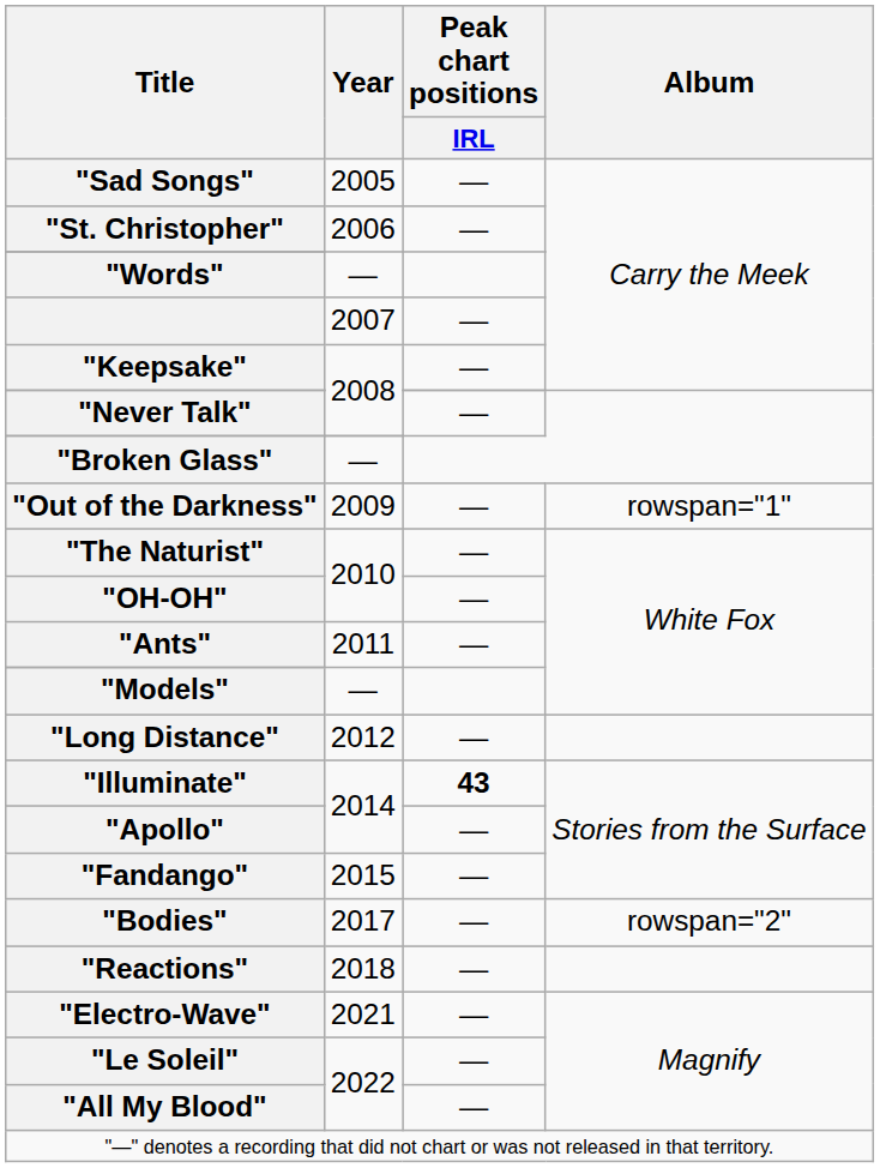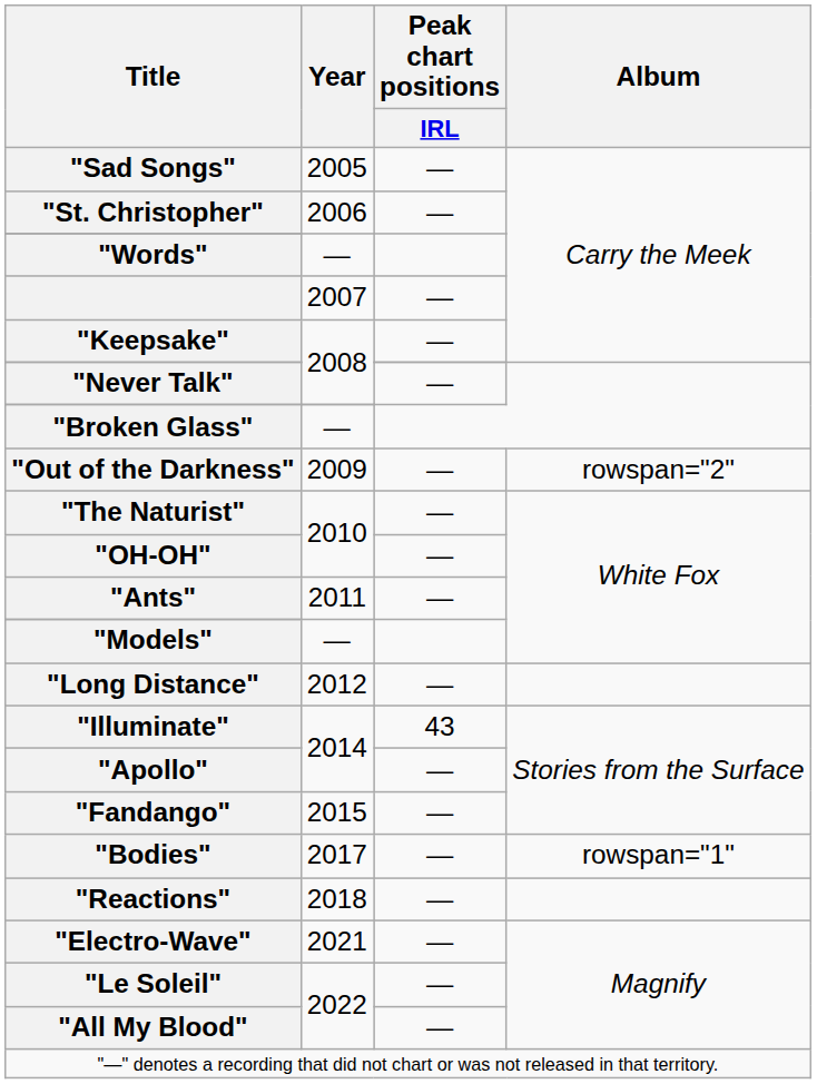 <table class="wikitable plainrowheaders" style="text-align:center;">
 <tr>
 <th scope="col" rowspan="2">Title</th>
 <th scope="col" rowspan="2">Year</th>
 <th scope="col" colspan="1">Peak chart positions</th>
 <th scope="col" rowspan="2">Album</th>
 </tr>
 <tr>
 <th scope="col" style="width:3em;font-size:90%;"><a href='#'>IRL</a><br></th>
 </tr>
 <tr>
 <th scope="row">"Sad Songs"</th>
 <td rowspan="1">2005</td>
 <td>—</td>
 <td rowspan="7"><em>Carry the Meek</em></td>
 </tr>
 <tr>
 <th scope="row">"St. Christopher"</th>
 <td rowspan="2">2006</td>
 <td>—</td>
 </tr>
 <tr>
 </tr>
 <tr>
 <th scope="row">"Words"</th>
 <td>—</td>
 </tr>
 <tr>
 <th scope="row"></th>
 <td rowspan="1">2007</td>
 <td>—</td>
 </tr>
 <tr>
 <th scope="row">"Keepsake"</th>
 <td rowspan="3">2008</td>
 <td>—</td>
 </tr>
 <tr>
 </tr>
 <tr>
 <th scope="row">"Never Talk"</th>
 <td>—</td>
 </tr>
 <tr>
 </tr>
 <tr>
 <th scope="row">"Broken Glass"</th>
 <td>—</td>
 </tr>
 <tr>
 <th scope="row">"Out of the Darkness"</th>
 <td rowspan="1">2009</td>
 <td>—</td>
-<td>rowspan="1" </td>
+<td>rowspan="2" </td>
 </tr>
 <tr>
 <th scope="row">"The Naturist"</th>
 <td rowspan="2">2010</td>
 <td>—</td>
 <td rowspan="5"><em>White Fox</em></td>
 </tr>
 <tr>
 <th scope="row">"OH-OH"</th>
 <td>—</td>
 </tr>
 <tr>
 <th scope="row">"Ants"</th>
 <td rowspan="2">2011</td>
 <td>—</td>
 </tr>
 <tr>
 </tr>
 <tr>
 <th scope="row">"Models"</th>
 <td>—</td>
 </tr>
 <tr>
 <th scope="row">"Long Distance"</th>
 <td rowspan="1">2012</td>
 <td>—</td>
 </tr>
 <tr>
 <th scope="row">"Illuminate"</th>
 <td rowspan="2">2014</td>
-<td><strong>43</strong></td>
+<td>43</td>
 <td rowspan="3"><em>Stories from the Surface</em></td>
 </tr>
 <tr>
 <th scope="row">"Apollo"</th>
 <td>—</td>
 </tr>
 <tr>
 <th scope="row">"Fandango"</th>
 <td rowspan="1">2015</td>
 <td>—</td>
 </tr>
 <tr>
 <th scope="row">"Bodies"</th>
 <td rowspan="1">2017</td>
 <td>—</td>
-<td>rowspan="2" </td>
+<td>rowspan="1" </td>
 </tr>
 <tr>
 <th scope="row">"Reactions"</th>
 <td rowspan="1">2018</td>
 <td>—</td>
 </tr>
 <tr>
 <th scope="row">"Electro-Wave"</th>
 <td>2021</td>
 <td>—</td>
 <td rowspan="3"><em>Magnify</em></td>
 </tr>
 <tr>
 <th scope="row">"Le Soleil"</th>
 <td rowspan="2">2022</td>
 <td>—</td>
 </tr>
 <tr>
 <th scope="row">"All My Blood"</th>
 <td>—</td>
 </tr>
 <tr>
 <td align="center" colspan="6" style="font-size: 8pt">"—" denotes a recording that did not chart or was not released in that territory.</td>
 </tr>
 </table>
